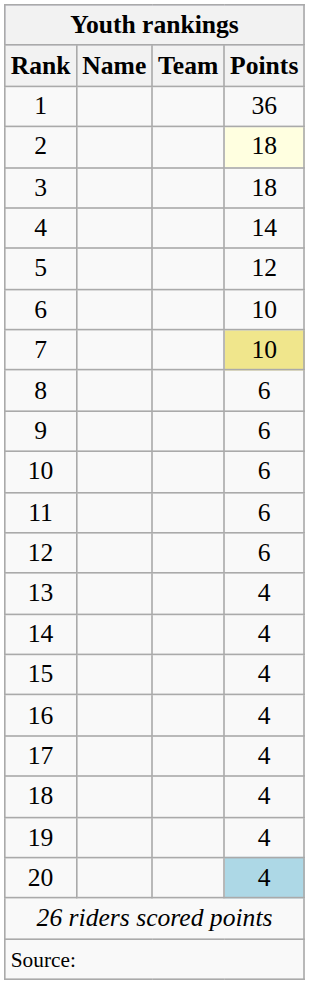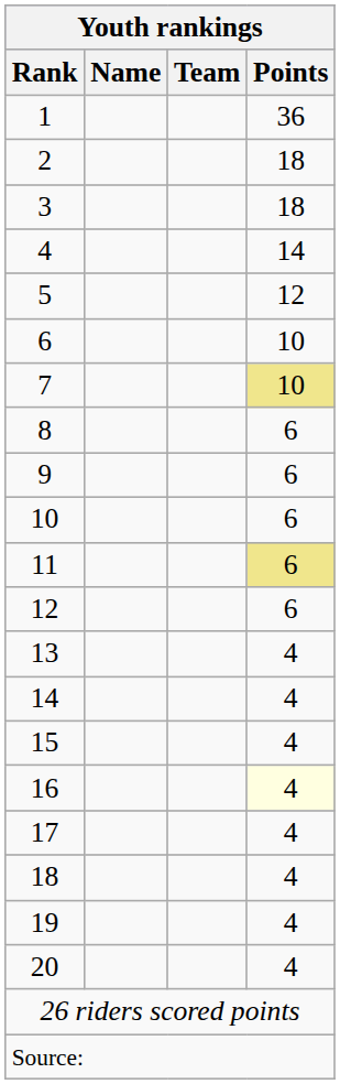 <table class="wikitable">
 <tr style="background:#ccf;">
 <th colspan=4>Youth rankings</th>
 </tr>
 <tr>
 <th>Rank</th>
 <th>Name</th>
 <th>Team</th>
 <th>Points</th>
 </tr>
 <tr>
 <td align=center>1</td>
 <td> </td>
 <td></td>
 <td align=center>36</td>
 </tr>
 <tr>
 <td align=center>2</td>
 <td></td>
 <td></td>
-<td align=center style="background: lightyellow;">18</td>
+<td align=center>18</td>
 </tr>
 <tr>
 <td align=center>3</td>
 <td></td>
 <td></td>
 <td align=center>18</td>
 </tr>
 <tr>
 <td align=center>4</td>
 <td></td>
 <td></td>
 <td align=center>14</td>
 </tr>
 <tr>
 <td align=center>5</td>
 <td></td>
 <td></td>
 <td align=center>12</td>
 </tr>
 <tr>
 <td align=center>6</td>
 <td></td>
 <td></td>
 <td align=center>10</td>
 </tr>
 <tr>
 <td align=center>7</td>
 <td></td>
 <td></td>
 <td align=center style="background: khaki;">10</td>
 </tr>
 <tr>
 <td align=center>8</td>
 <td></td>
 <td></td>
 <td align=center>6</td>
 </tr>
 <tr>
 <td align=center>9</td>
 <td></td>
 <td></td>
 <td align=center>6</td>
 </tr>
 <tr>
 <td align=center>10</td>
 <td></td>
 <td></td>
 <td align=center>6</td>
 </tr>
 <tr>
 <td align=center>11</td>
 <td></td>
 <td></td>
-<td align=center>6</td>
+<td align=center style="background: khaki;">6</td>
 </tr>
 <tr>
 <td align=center>12</td>
 <td></td>
 <td></td>
 <td align=center>6</td>
 </tr>
 <tr>
 <td align=center>13</td>
 <td></td>
 <td></td>
 <td align=center>4</td>
 </tr>
 <tr>
 <td align=center>14</td>
 <td></td>
 <td></td>
 <td align=center>4</td>
 </tr>
 <tr>
 <td align=center>15</td>
 <td></td>
 <td></td>
 <td align=center>4</td>
 </tr>
 <tr>
 <td align=center>16</td>
 <td></td>
 <td></td>
-<td align=center>4</td>
+<td align=center style="background: lightyellow;">4</td>
 </tr>
 <tr>
 <td align=center>17</td>
 <td></td>
 <td></td>
 <td align=center>4</td>
 </tr>
 <tr>
 <td align=center>18</td>
 <td></td>
 <td></td>
 <td align=center>4</td>
 </tr>
 <tr>
 <td align=center>19</td>
 <td></td>
 <td></td>
 <td align=center>4</td>
 </tr>
 <tr>
 <td align=center>20</td>
 <td></td>
 <td></td>
-<td align=center style="background: lightblue;">4</td>
+<td align=center>4</td>
 </tr>
 <tr>
 <td align=center colspan=4><em>26 riders scored points</em></td>
 </tr>
 <tr>
 <td colspan=4><small>Source:</small></td>
 </tr>
 </table>
